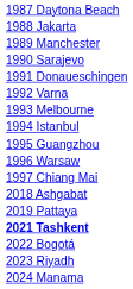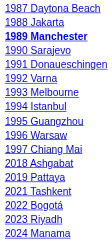 <table>
 <tr>
 <td><a href='#'>1987 Daytona Beach</a></td>
 <td></td>
 <td></td>
 <td></td>
 </tr>
 <tr>
 <td><a href='#'>1988 Jakarta</a></td>
 <td></td>
 <td></td>
 <td></td>
 </tr>
 <tr>
-<td><a href='#'>1989 Manchester</a></td>
+<td><strong><a href='#'>1989 Manchester</a></strong></td>
 <td></td>
 <td></td>
 <td></td>
 </tr>
 <tr>
 <td><a href='#'>1990 Sarajevo</a></td>
 <td></td>
 <td></td>
 <td></td>
 </tr>
 <tr>
 <td><a href='#'>1991 Donaueschingen</a></td>
 <td></td>
 <td></td>
 <td></td>
 </tr>
 <tr>
 <td><a href='#'>1992 Varna</a></td>
 <td></td>
 <td></td>
 <td></td>
 </tr>
 <tr>
 <td><a href='#'>1993 Melbourne</a></td>
 <td></td>
 <td></td>
 <td></td>
 </tr>
 <tr>
 <td><a href='#'>1994 Istanbul</a></td>
 <td></td>
 <td></td>
 <td></td>
 </tr>
 <tr>
 <td><a href='#'>1995 Guangzhou</a></td>
 <td></td>
 <td></td>
 <td></td>
 </tr>
 <tr>
 <td><a href='#'>1996 Warsaw</a></td>
 <td></td>
 <td></td>
 <td></td>
 </tr>
 <tr>
 <td><a href='#'>1997 Chiang Mai</a></td>
 <td></td>
 <td></td>
 <td></td>
 </tr>
 <tr>
 <td><a href='#'>2018 Ashgabat</a></td>
 <td></td>
 <td></td>
 <td></td>
 </tr>
 <tr>
 <td><a href='#'>2019 Pattaya</a></td>
 <td></td>
 <td></td>
 <td></td>
 </tr>
 <tr>
-<td><strong><a href='#'>2021 Tashkent</a></strong></td>
+<td><a href='#'>2021 Tashkent</a></td>
 <td></td>
 <td></td>
 <td></td>
 </tr>
 <tr>
 <td><a href='#'>2022 Bogotá</a></td>
 <td></td>
 <td></td>
 <td></td>
 </tr>
 <tr>
 <td><a href='#'>2023 Riyadh</a></td>
 <td></td>
 <td></td>
 <td></td>
 </tr>
 <tr>
 <td><a href='#'>2024 Manama</a></td>
 <td></td>
 <td></td>
 <td></td>
 </tr>
 </table>
